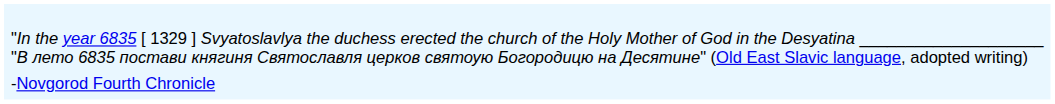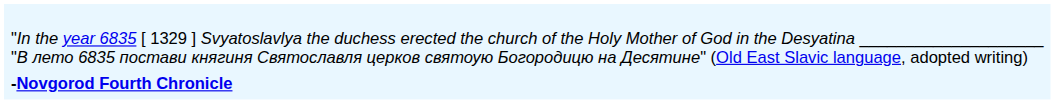 <table class="toccolours" style="font-size: 90%; background:#E9F7FF; color:black;" cellspacing="5">
 <tr>
 <td style="text-align: left;"><br>"<em>In the <a href='#'>year 6835</a> </em>[ 1329 ]<em> Svyatoslavlya the duchess erected the church of the Holy Mother of God in the Desyatina</em>  ____________________<br>"<em>В лето 6835 постави княгиня Святославля церков святоую Богородицю на Десятине</em>" (<a href='#'>Old East Slavic language</a>, adopted writing) </td>
 </tr>
 <tr>
-<td style="text-align: left;">-<a href='#'>Novgorod Fourth Chronicle</a></td>
+<td style="text-align: left;"><strong>-<a href='#'>Novgorod Fourth Chronicle</a></strong></td>
 </tr>
 </table>
